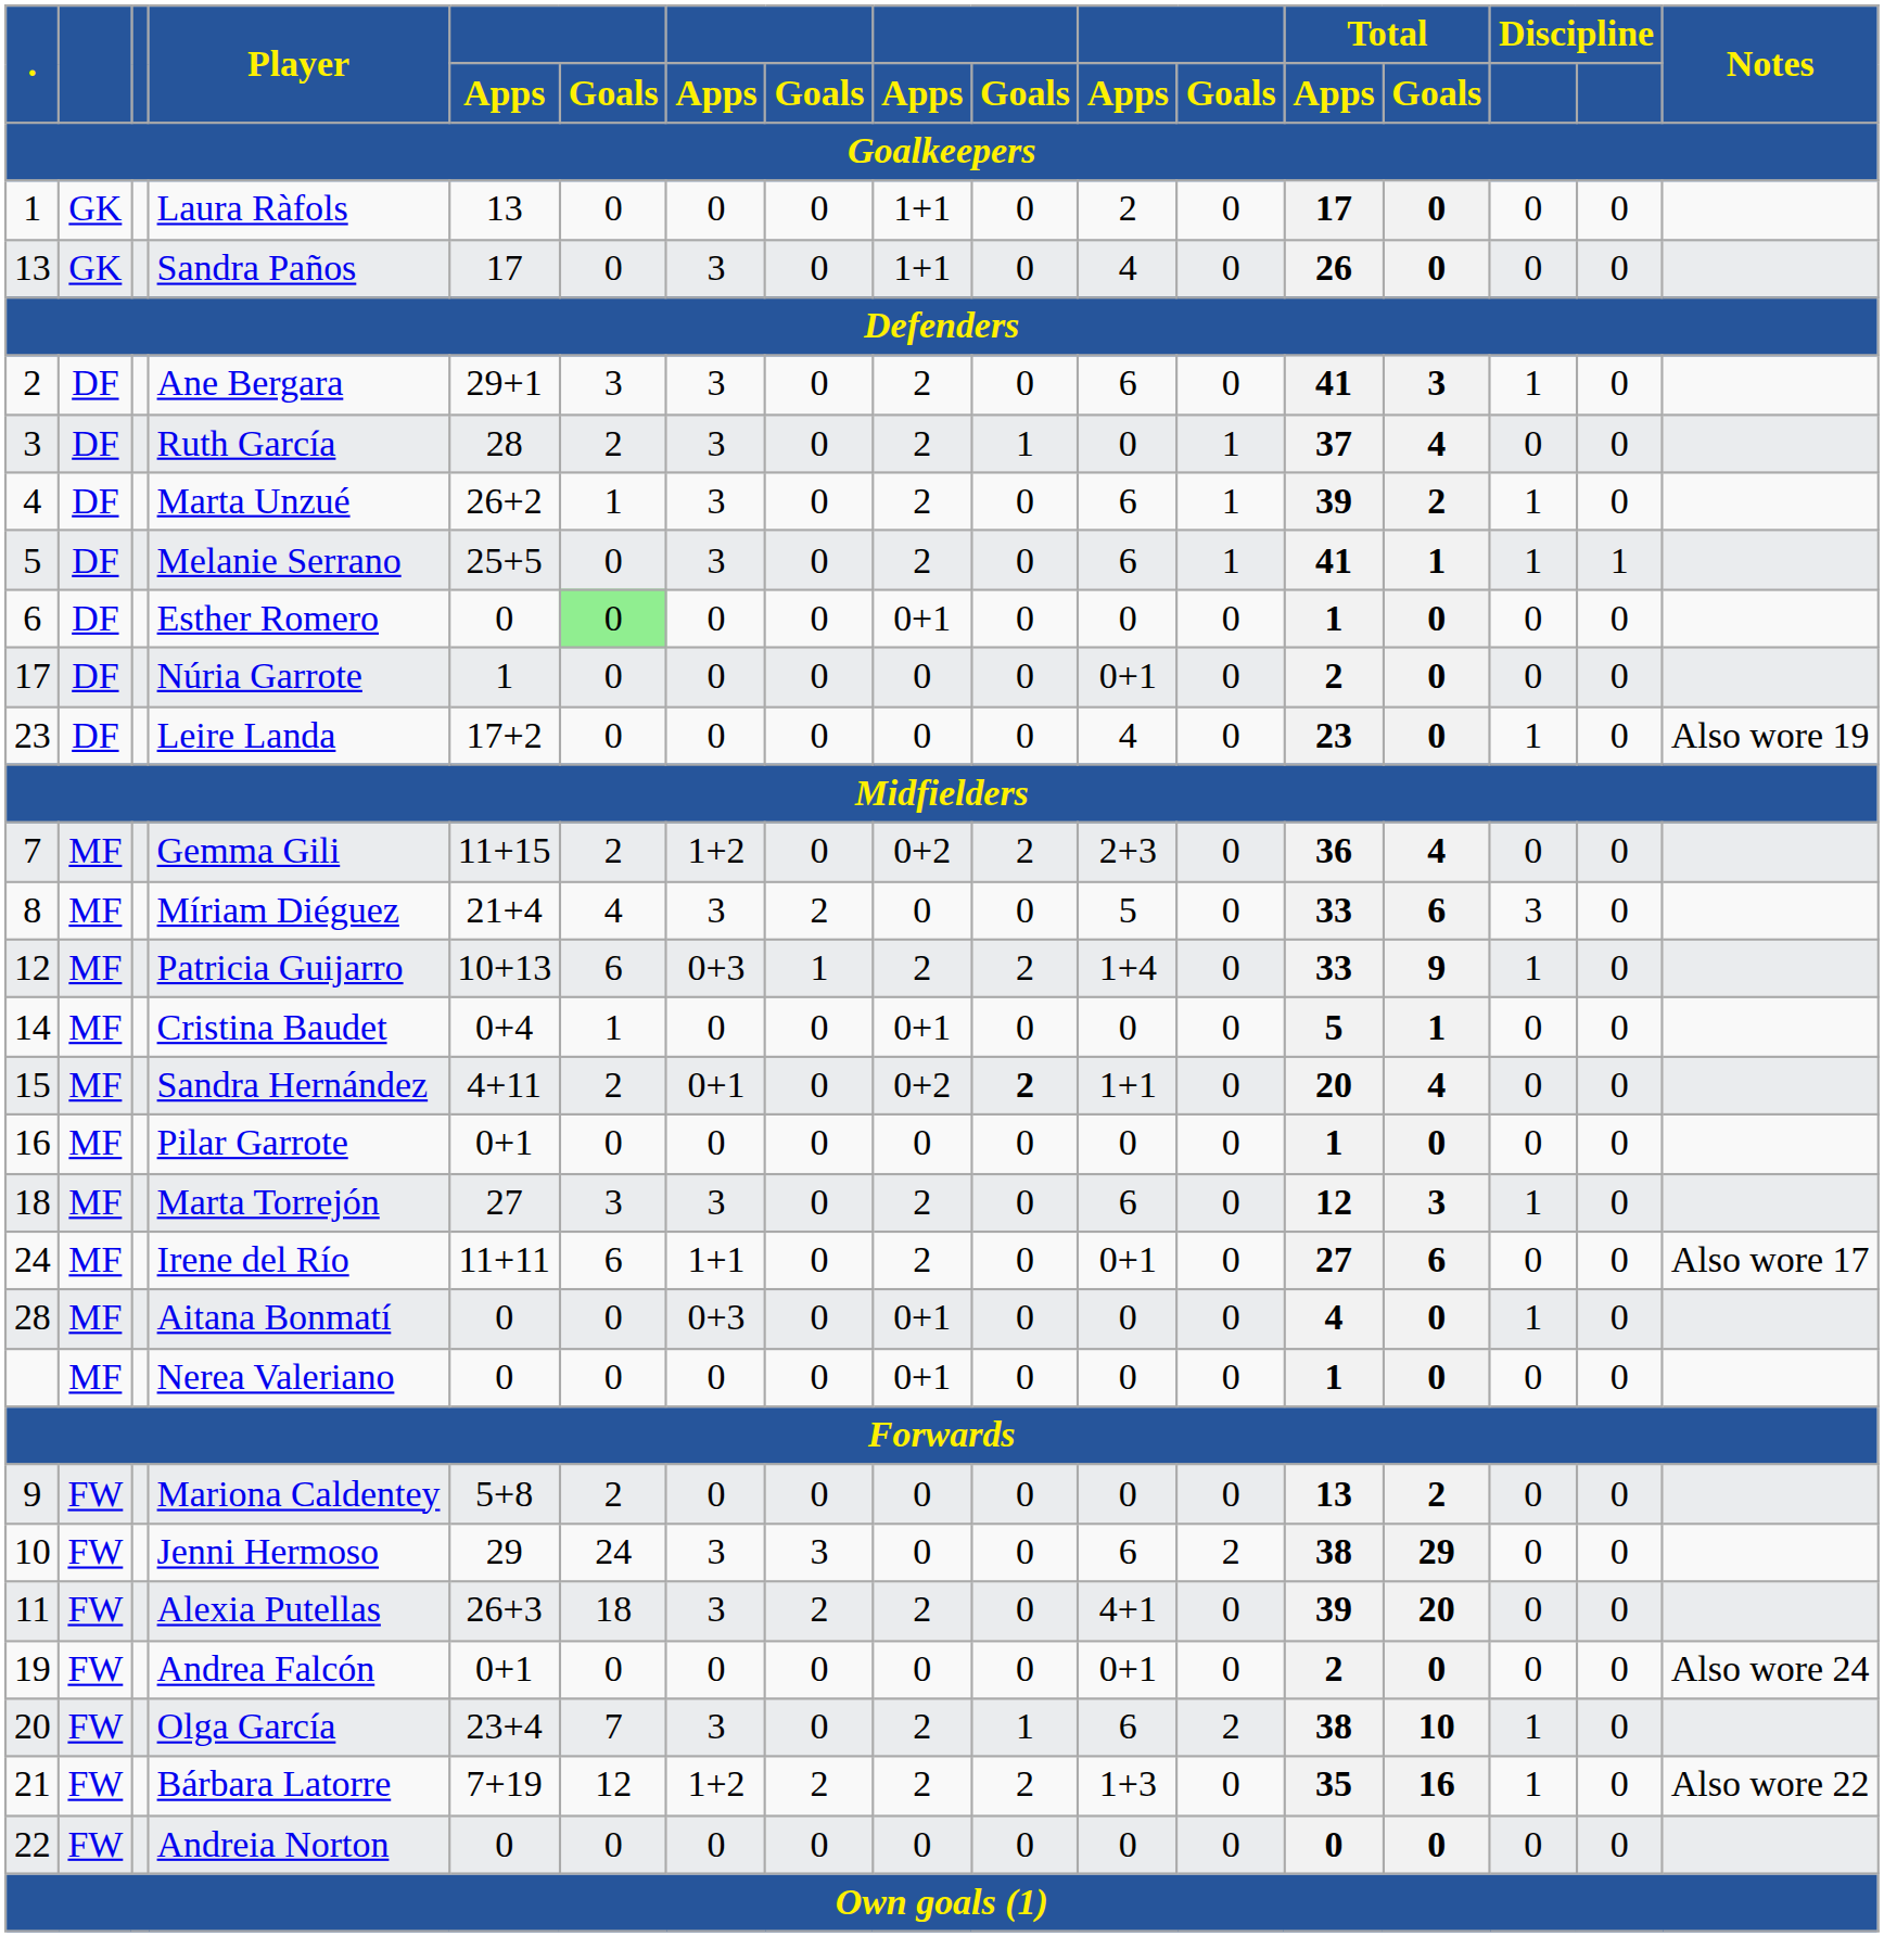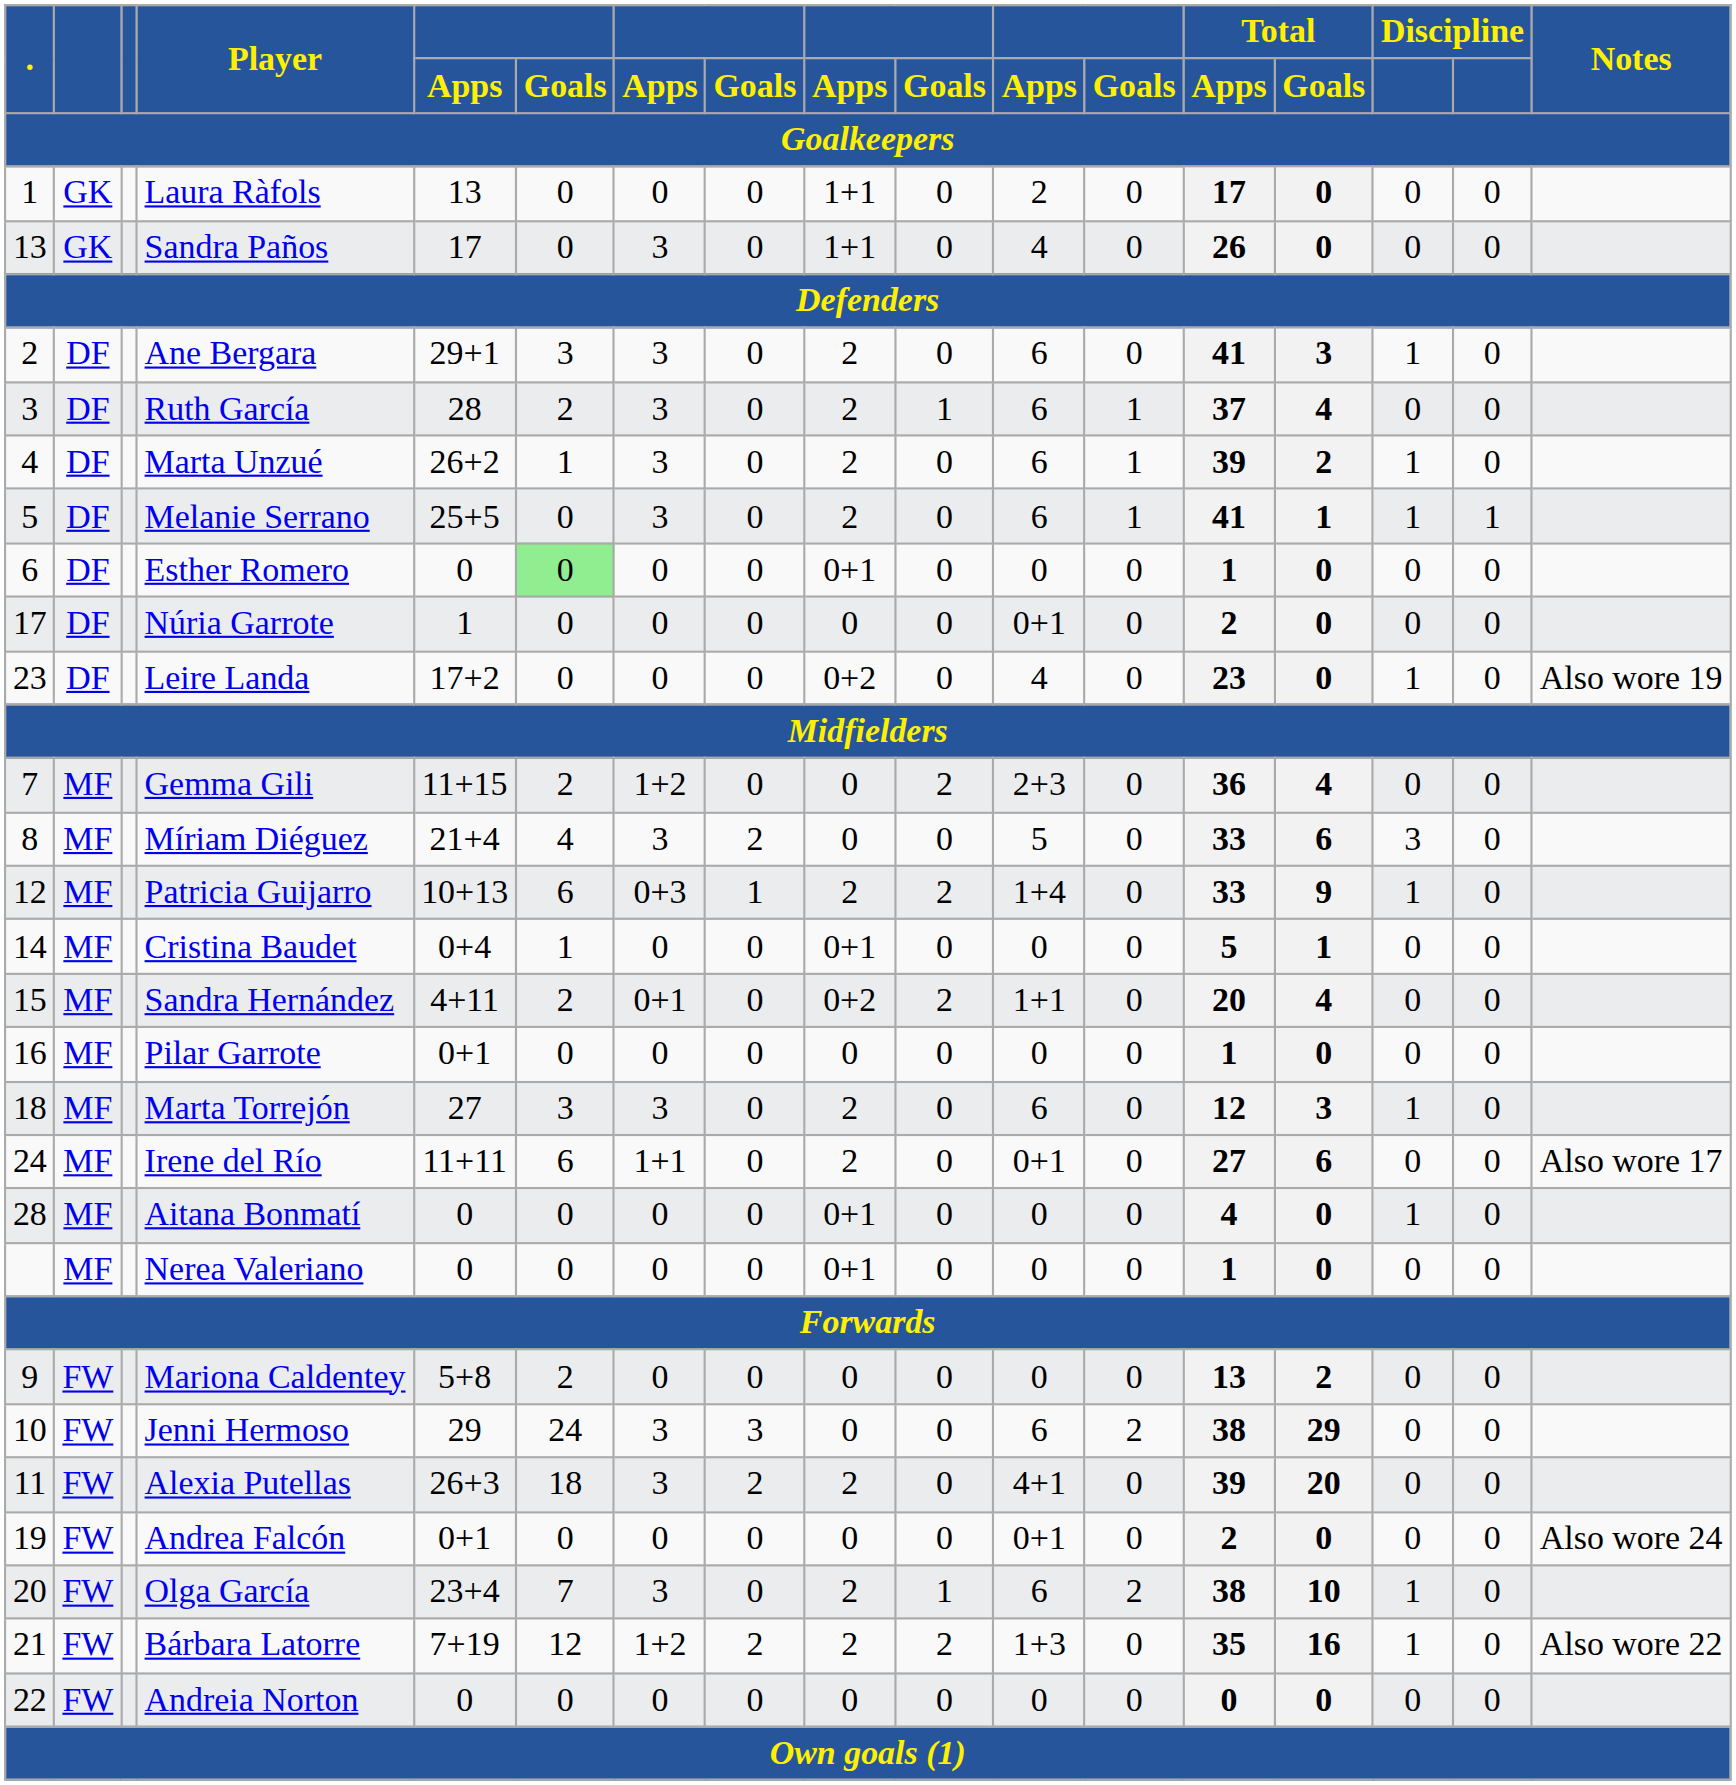 <table class="wikitable sortable alternance" style="text-align:center">
 <tr>
 <th rowspan="2" style="background:#26559B; color:#FFF000; ">.</th>
 <th rowspan="2" style="background:#26559B; color:#FFF000; "></th>
 <th rowspan="2" style="background:#26559B; color:#FFF000; "></th>
 <th rowspan="2" style="background:#26559B; color:#FFF000; ">Player</th>
 <th colspan="2" style="background:#26559B; color:#FFF000; "></th>
 <th colspan="2" style="background:#26559B; color:#FFF000; "></th>
 <th colspan="2" style="background:#26559B; color:#FFF000; "></th>
 <th colspan="2" style="background:#26559B; color:#FFF000; "></th>
 <th colspan="2" style="background:#26559B; color:#FFF000; ">Total</th>
 <th colspan="2" style="background:#26559B; color:#FFF000; ">Discipline</th>
 <th rowspan="2" style="background:#26559B; color:#FFF000; ">Notes</th>
 </tr>
 <tr>
 <th style="background:#26559B; color:#FFF000; ">Apps</th>
 <th style="background:#26559B; color:#FFF000; ">Goals</th>
 <th style="background:#26559B; color:#FFF000; ">Apps</th>
 <th style="background:#26559B; color:#FFF000; ">Goals</th>
 <th style="background:#26559B; color:#FFF000; ">Apps</th>
 <th style="background:#26559B; color:#FFF000; ">Goals</th>
 <th style="background:#26559B; color:#FFF000; ">Apps</th>
 <th style="background:#26559B; color:#FFF000; ">Goals</th>
 <th style="background:#26559B; color:#FFF000; ">Apps</th>
 <th style="background:#26559B; color:#FFF000; ">Goals</th>
 <th style="background:#26559B; color:#FFF000; "></th>
 <th style="background:#26559B; color:#FFF000; "></th>
 </tr>
 <tr>
 <th colspan="17" style="background:#26559B; color:#FFF000; "><em>Goalkeepers</em></th>
 </tr>
 <tr>
 <td>1</td>
 <td><a href='#'>GK</a></td>
 <td></td>
 <td align="left"><a href='#'>Laura Ràfols</a></td>
 <td>13</td>
 <td>0</td>
 <td>0</td>
 <td>0</td>
 <td>1+1</td>
 <td>0</td>
 <td>2</td>
 <td>0</td>
 <th>17</th>
 <th><strong>0</strong></th>
 <td>0</td>
 <td>0</td>
 <td></td>
 </tr>
 <tr colspan="9" style="background:#eaecee">
 <td>13</td>
 <td><a href='#'>GK</a></td>
 <td></td>
 <td align="left"><a href='#'>Sandra Paños</a></td>
 <td>17</td>
 <td>0</td>
 <td>3</td>
 <td>0</td>
 <td>1+1</td>
 <td>0</td>
 <td>4</td>
 <td>0</td>
 <th>26</th>
 <th><strong>0</strong></th>
 <td>0</td>
 <td>0</td>
 <td></td>
 </tr>
 <tr>
 <th colspan="17" style="background:#26559B; color:#FFF000; "><em>Defenders</em></th>
 </tr>
 <tr>
 <td>2</td>
 <td><a href='#'>DF</a></td>
 <td></td>
 <td align="left"><a href='#'>Ane Bergara</a></td>
 <td>29+1</td>
 <td>3</td>
 <td>3</td>
 <td>0</td>
 <td>2</td>
 <td>0</td>
 <td>6</td>
 <td>0</td>
 <th>41</th>
 <th>3</th>
 <td>1</td>
 <td>0</td>
 <td></td>
 </tr>
 <tr style="background:#eaecee" colspan="9">
 <td>3</td>
 <td><a href='#'>DF</a></td>
 <td></td>
 <td align="left"><a href='#'>Ruth García</a></td>
 <td>28</td>
 <td>2</td>
 <td>3</td>
 <td>0</td>
 <td>2</td>
 <td>1</td>
-<td>0</td>
+<td>6</td>
 <td>1</td>
 <th>37</th>
 <th>4</th>
 <td>0</td>
 <td>0</td>
 <td></td>
 </tr>
 <tr>
 <td>4</td>
 <td><a href='#'>DF</a></td>
 <td></td>
 <td align="left"><a href='#'>Marta Unzué</a></td>
 <td>26+2</td>
 <td>1</td>
 <td>3</td>
 <td>0</td>
 <td>2</td>
 <td>0</td>
 <td>6</td>
 <td>1</td>
 <th>39</th>
 <th>2</th>
 <td>1</td>
 <td>0</td>
 <td></td>
 </tr>
 <tr style="background:#eaecee" colspan="9">
 <td>5</td>
 <td><a href='#'>DF</a></td>
 <td></td>
 <td align="left"><a href='#'>Melanie Serrano</a></td>
 <td>25+5</td>
 <td>0</td>
 <td>3</td>
 <td>0</td>
 <td>2</td>
 <td>0</td>
 <td>6</td>
 <td>1</td>
 <th>41</th>
 <th>1</th>
 <td>1</td>
 <td>1</td>
 <td></td>
 </tr>
 <tr>
 <td>6</td>
 <td><a href='#'>DF</a></td>
 <td></td>
 <td align="left"><a href='#'>Esther Romero</a></td>
 <td>0</td>
 <td style="background: lightgreen;">0</td>
 <td>0</td>
 <td>0</td>
 <td>0+1</td>
 <td>0</td>
 <td>0</td>
 <td>0</td>
 <th>1</th>
 <th><strong>0</strong></th>
 <td>0</td>
 <td>0</td>
 <td></td>
 </tr>
 <tr style="background:#eaecee" colspan="9">
 <td>17</td>
 <td><a href='#'>DF</a></td>
 <td></td>
 <td align="left"><a href='#'>Núria Garrote</a></td>
 <td>1</td>
 <td>0</td>
 <td>0</td>
 <td>0</td>
 <td>0</td>
 <td>0</td>
 <td>0+1</td>
 <td>0</td>
 <th>2</th>
 <th><strong>0</strong></th>
 <td>0</td>
 <td>0</td>
 <td></td>
 </tr>
 <tr>
 <td>23</td>
 <td><a href='#'>DF</a></td>
 <td></td>
 <td align="left"><a href='#'>Leire Landa</a></td>
 <td>17+2</td>
 <td>0</td>
 <td>0</td>
 <td>0</td>
-<td>0</td>
+<td>0+2</td>
 <td>0</td>
 <td>4</td>
 <td>0</td>
 <th>23</th>
 <th><strong>0</strong></th>
 <td>1</td>
 <td>0</td>
 <td>Also wore 19</td>
 </tr>
 <tr>
 <th colspan="17" style="background:#26559B; color:#FFF000; "><em>Midfielders</em></th>
 </tr>
 <tr style="background:#eaecee" colspan="9">
 <td>7</td>
 <td><a href='#'>MF</a></td>
 <td></td>
 <td align="left"><a href='#'>Gemma Gili</a></td>
 <td>11+15</td>
 <td>2</td>
 <td>1+2</td>
 <td>0</td>
-<td>0+2</td>
+<td>0</td>
 <td>2</td>
 <td>2+3</td>
 <td>0</td>
 <th>36</th>
 <th>4</th>
 <td>0</td>
 <td>0</td>
 <td></td>
 </tr>
 <tr>
 <td>8</td>
 <td><a href='#'>MF</a></td>
 <td></td>
 <td align="left"><a href='#'>Míriam Diéguez</a></td>
 <td>21+4</td>
 <td>4</td>
 <td>3</td>
 <td>2</td>
 <td>0</td>
 <td>0</td>
 <td>5</td>
 <td>0</td>
 <th>33</th>
 <th>6</th>
 <td>3</td>
 <td>0</td>
 <td></td>
 </tr>
 <tr style="background:#eaecee" colspan="9">
 <td>12</td>
 <td><a href='#'>MF</a></td>
 <td></td>
 <td align="left"><a href='#'>Patricia Guijarro</a></td>
 <td>10+13</td>
 <td>6</td>
 <td>0+3</td>
 <td>1</td>
 <td>2</td>
 <td>2</td>
 <td>1+4</td>
 <td>0</td>
 <th>33</th>
 <th>9</th>
 <td>1</td>
 <td>0</td>
 <td></td>
 </tr>
 <tr>
 <td>14</td>
 <td><a href='#'>MF</a></td>
 <td></td>
 <td align="left"><a href='#'>Cristina Baudet</a></td>
 <td>0+4</td>
 <td>1</td>
 <td>0</td>
 <td>0</td>
 <td>0+1</td>
 <td>0</td>
 <td>0</td>
 <td>0</td>
 <th>5</th>
 <th>1</th>
 <td>0</td>
 <td>0</td>
 <td></td>
 </tr>
 <tr style="background:#eaecee" colspan="9">
 <td>15</td>
 <td><a href='#'>MF</a></td>
 <td></td>
 <td align="left"><a href='#'>Sandra Hernández</a></td>
 <td>4+11</td>
 <td>2</td>
 <td>0+1</td>
 <td>0</td>
 <td>0+2</td>
-<td><strong>2</strong></td>
+<td>2</td>
 <td>1+1</td>
 <td>0</td>
 <th>20</th>
 <th>4</th>
 <td>0</td>
 <td>0</td>
 <td></td>
 </tr>
 <tr>
 <td>16</td>
 <td><a href='#'>MF</a></td>
 <td></td>
 <td align="left"><a href='#'>Pilar Garrote</a></td>
 <td>0+1</td>
 <td>0</td>
 <td>0</td>
 <td>0</td>
 <td>0</td>
 <td>0</td>
 <td>0</td>
 <td>0</td>
 <th>1</th>
 <th><strong>0</strong></th>
 <td>0</td>
 <td>0</td>
 <td></td>
 </tr>
 <tr style="background:#eaecee" colspan="9">
 <td>18</td>
 <td><a href='#'>MF</a></td>
 <td></td>
 <td align="left"><a href='#'>Marta Torrejón</a></td>
 <td>27</td>
 <td>3</td>
 <td>3</td>
 <td>0</td>
 <td>2</td>
 <td>0</td>
 <td>6</td>
 <td>0</td>
 <th>12</th>
 <th>3</th>
 <td>1</td>
 <td>0</td>
 <td></td>
 </tr>
 <tr>
 <td>24</td>
 <td><a href='#'>MF</a></td>
 <td></td>
 <td align="left"><a href='#'>Irene del Río</a></td>
 <td>11+11</td>
 <td>6</td>
 <td>1+1</td>
 <td>0</td>
 <td>2</td>
 <td>0</td>
 <td>0+1</td>
 <td>0</td>
 <th>27</th>
 <th>6</th>
 <td>0</td>
 <td>0</td>
 <td>Also wore 17</td>
 </tr>
 <tr style="background:#eaecee" colspan="9">
 <td>28</td>
 <td><a href='#'>MF</a></td>
 <td></td>
 <td align="left"><a href='#'>Aitana Bonmatí</a></td>
 <td>0</td>
 <td>0</td>
-<td>0+3</td>
+<td>0</td>
 <td>0</td>
 <td>0+1</td>
 <td>0</td>
 <td>0</td>
 <td>0</td>
 <th>4</th>
 <th>0</th>
 <td>1</td>
 <td>0</td>
 <td></td>
 </tr>
 <tr>
 <td></td>
 <td><a href='#'>MF</a></td>
 <td></td>
 <td align="left"><a href='#'>Nerea Valeriano</a></td>
 <td>0</td>
 <td>0</td>
 <td>0</td>
 <td>0</td>
 <td>0+1</td>
 <td>0</td>
 <td>0</td>
 <td>0</td>
 <th>1</th>
 <th>0</th>
 <td>0</td>
 <td>0</td>
 <td></td>
 </tr>
 <tr>
 <th colspan="17" style="background:#26559B; color:#FFF000; "><em>Forwards</em></th>
 </tr>
 <tr style="background:#eaecee" colspan="9">
 <td>9</td>
 <td><a href='#'>FW</a></td>
 <td></td>
 <td align="left"><a href='#'>Mariona Caldentey</a></td>
 <td>5+8</td>
 <td>2</td>
 <td>0</td>
 <td>0</td>
 <td>0</td>
 <td>0</td>
 <td>0</td>
 <td>0</td>
 <th>13</th>
 <th>2</th>
 <td>0</td>
 <td>0</td>
 <td></td>
 </tr>
 <tr>
 <td>10</td>
 <td><a href='#'>FW</a></td>
 <td></td>
 <td align="left"><a href='#'>Jenni Hermoso</a></td>
 <td>29</td>
 <td>24</td>
 <td>3</td>
 <td>3</td>
 <td>0</td>
 <td>0</td>
 <td>6</td>
 <td>2</td>
 <th>38</th>
 <th>29</th>
 <td>0</td>
 <td>0</td>
 <td></td>
 </tr>
 <tr style="background:#eaecee" colspan="9">
 <td>11</td>
 <td><a href='#'>FW</a></td>
 <td></td>
 <td align="left"><a href='#'>Alexia Putellas</a></td>
 <td>26+3</td>
 <td>18</td>
 <td>3</td>
 <td>2</td>
 <td>2</td>
 <td>0</td>
 <td>4+1</td>
 <td>0</td>
 <th>39</th>
 <th>20</th>
 <td>0</td>
 <td>0</td>
 <td></td>
 </tr>
 <tr>
 <td>19</td>
 <td><a href='#'>FW</a></td>
 <td></td>
 <td align="left"><a href='#'>Andrea Falcón</a></td>
 <td>0+1</td>
 <td>0</td>
 <td>0</td>
 <td>0</td>
 <td>0</td>
 <td>0</td>
 <td>0+1</td>
 <td>0</td>
 <th>2</th>
 <th><strong>0</strong></th>
 <td>0</td>
 <td>0</td>
 <td>Also wore 24</td>
 </tr>
 <tr style="background:#eaecee" colspan="9">
 <td>20</td>
 <td><a href='#'>FW</a></td>
 <td></td>
 <td align="left"><a href='#'>Olga García</a></td>
 <td>23+4</td>
 <td>7</td>
 <td>3</td>
 <td>0</td>
 <td>2</td>
 <td>1</td>
 <td>6</td>
 <td>2</td>
 <th>38</th>
 <th>10</th>
 <td>1</td>
 <td>0</td>
 <td></td>
 </tr>
 <tr>
 <td>21</td>
 <td><a href='#'>FW</a></td>
 <td></td>
 <td align="left"><a href='#'>Bárbara Latorre</a></td>
 <td>7+19</td>
 <td>12</td>
 <td>1+2</td>
 <td>2</td>
 <td>2</td>
 <td>2</td>
 <td>1+3</td>
 <td>0</td>
 <th>35</th>
 <th>16</th>
 <td>1</td>
 <td>0</td>
 <td>Also wore 22</td>
 </tr>
 <tr style="background:#eaecee" colspan="9">
 <td>22</td>
 <td><a href='#'>FW</a></td>
 <td></td>
 <td align="left"><a href='#'>Andreia Norton</a></td>
 <td>0</td>
 <td>0</td>
 <td>0</td>
 <td>0</td>
 <td>0</td>
 <td>0</td>
 <td>0</td>
 <td>0</td>
 <th><strong>0</strong></th>
 <th><strong>0</strong></th>
 <td>0</td>
 <td>0</td>
 <td></td>
 </tr>
 <tr>
 <th colspan=17 style="background:#26559B; color:#FFF000; "><em>Own goals (1)</em></th>
 </tr>
 </table>
